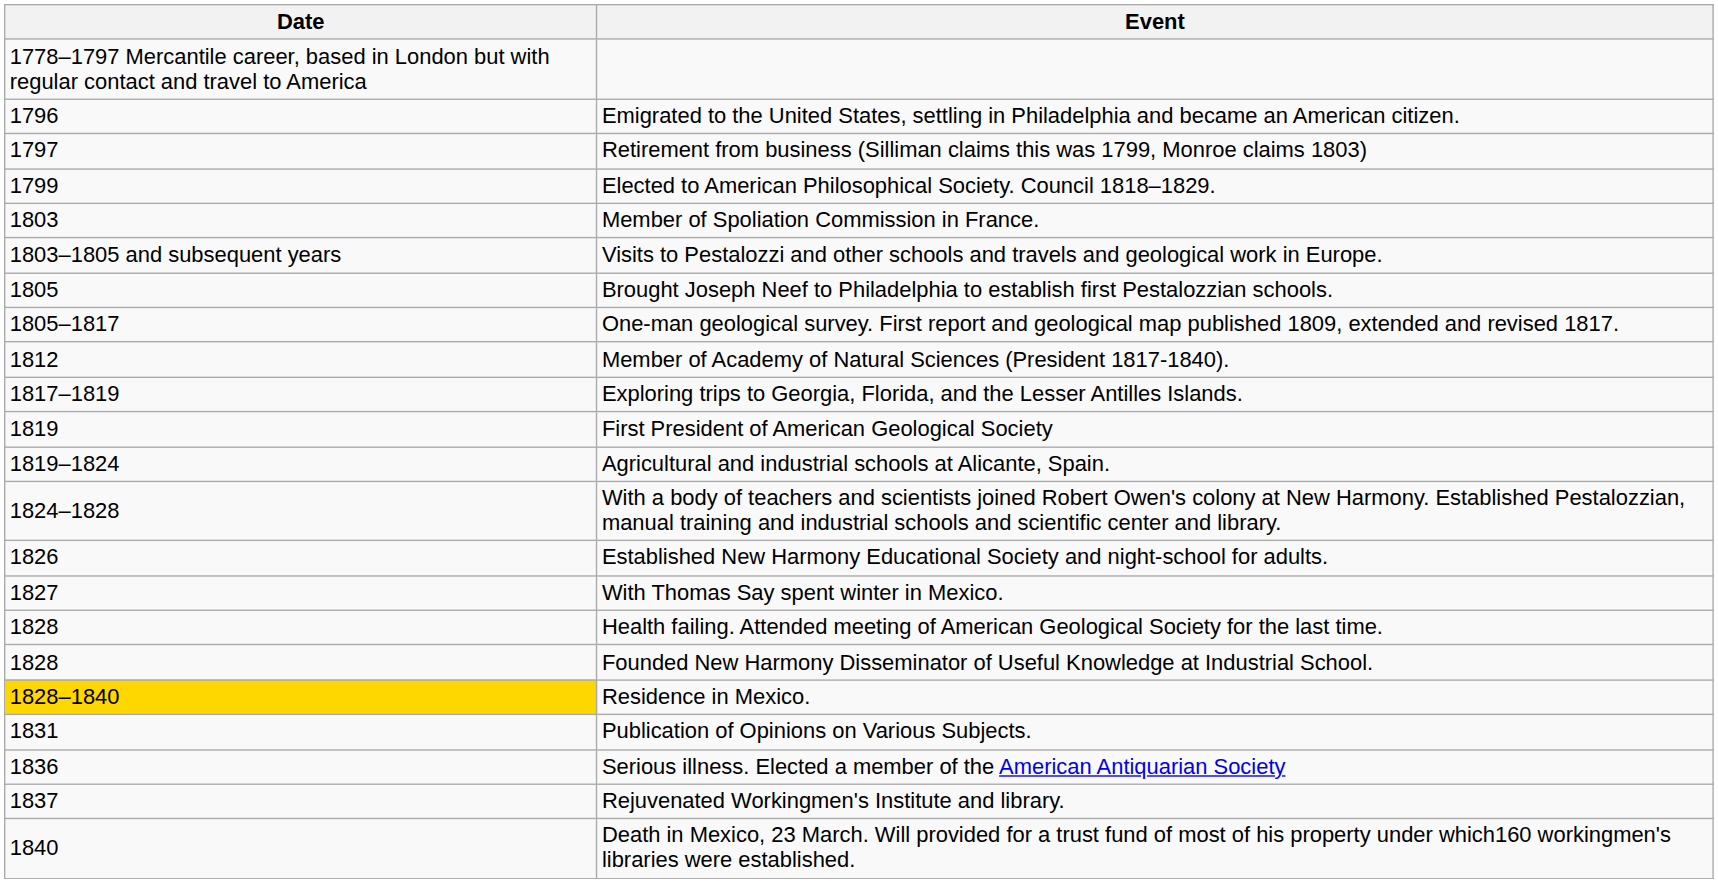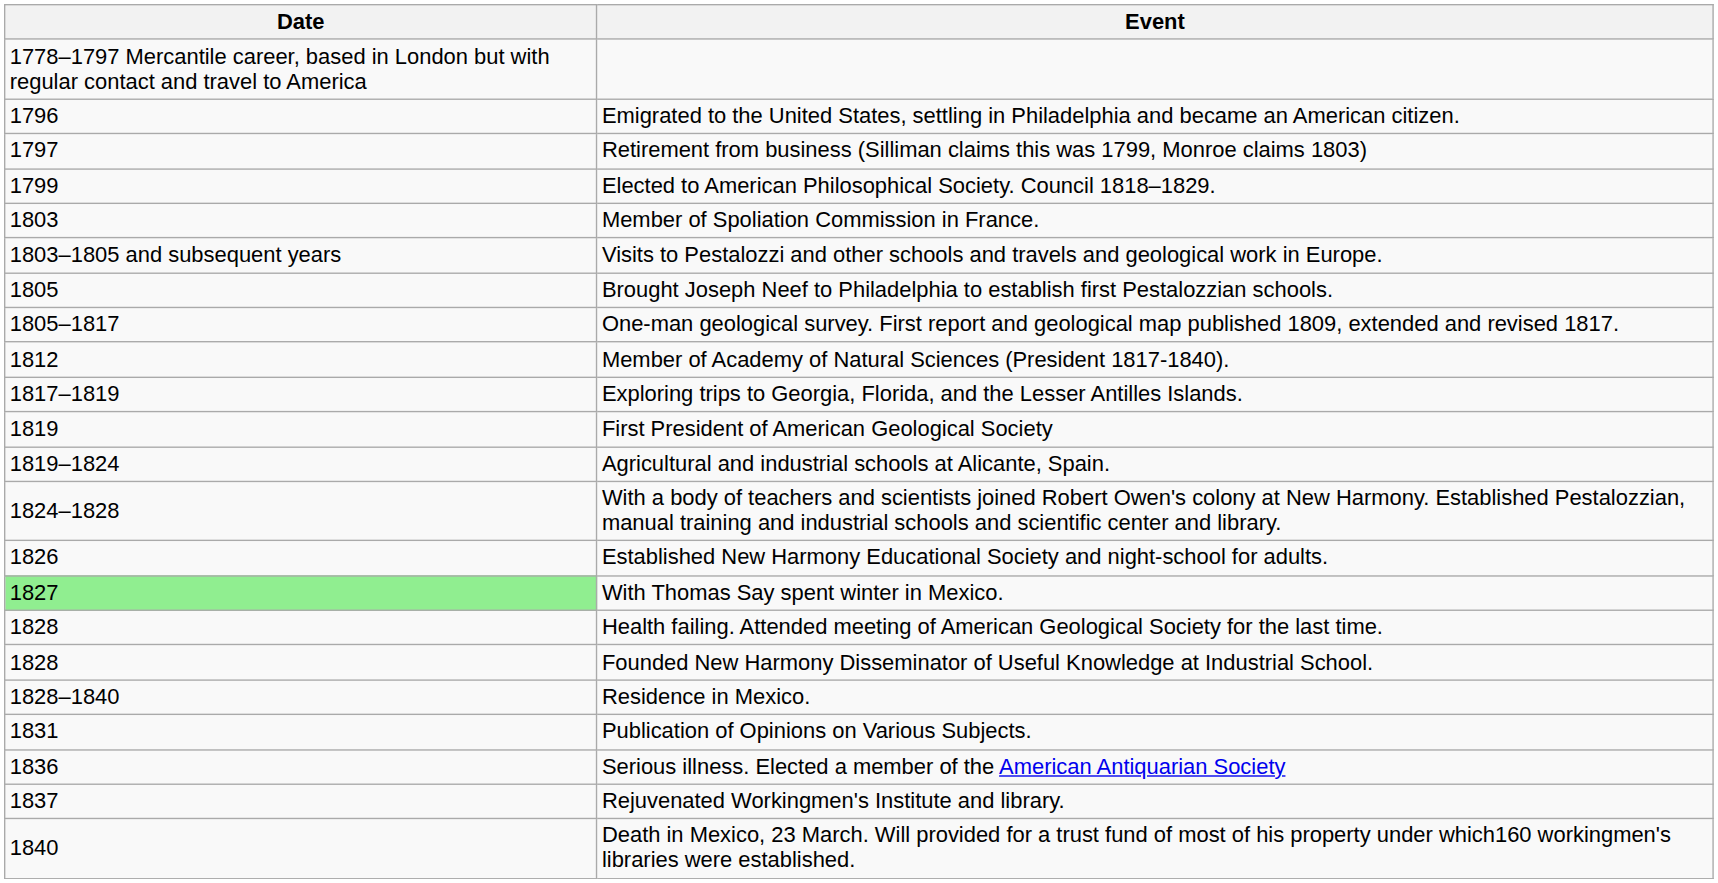 <table class="wikitable">
 <tr>
 <th>Date</th>
 <th>Event</th>
 </tr>
 <tr>
 <td>1778–1797 Mercantile career, based in London but with regular contact and travel to America</td>
 </tr>
 <tr>
 <td>1796</td>
 <td>Emigrated to the United States, settling in Philadelphia and became an American citizen.</td>
 </tr>
 <tr>
 <td>1797</td>
 <td>Retirement from business (Silliman claims this was 1799, Monroe claims 1803)</td>
 </tr>
 <tr>
 <td>1799</td>
 <td>Elected to American Philosophical Society.  Council 1818–1829.</td>
 </tr>
 <tr>
 <td>1803</td>
 <td>Member of Spoliation Commission in France.</td>
 </tr>
 <tr>
 <td>1803–1805 and subsequent years</td>
 <td>Visits to Pestalozzi and other schools and travels and geological work in Europe.</td>
 </tr>
 <tr>
 <td>1805</td>
 <td>Brought Joseph Neef to Philadelphia to establish first Pestalozzian schools.</td>
 </tr>
 <tr>
 <td>1805–1817</td>
 <td>One-man geological survey. First report and geological map published 1809, extended and revised 1817.</td>
 </tr>
 <tr>
 <td>1812</td>
 <td>Member of Academy of Natural Sciences (President 1817-1840).</td>
 </tr>
 <tr>
 <td>1817–1819</td>
 <td>Exploring trips to Georgia, Florida, and the Lesser Antilles Islands.</td>
 </tr>
 <tr>
 <td>1819</td>
 <td>First President of American Geological Society</td>
 </tr>
 <tr>
 <td>1819–1824</td>
 <td>Agricultural and industrial schools at Alicante, Spain.</td>
 </tr>
 <tr>
 <td>1824–1828</td>
 <td>With a body of teachers and scientists joined Robert Owen's colony at New Harmony.  Established Pestalozzian, manual training and industrial schools and scientific center and library.</td>
 </tr>
 <tr>
 <td>1826</td>
 <td>Established New Harmony Educational Society and night-school for adults.</td>
 </tr>
 <tr>
-<td>1827</td>
+<td style="background: lightgreen;">1827</td>
 <td>With Thomas Say spent winter in Mexico.</td>
 </tr>
 <tr>
 <td>1828</td>
 <td>Health failing. Attended meeting of American Geological Society for the last time.</td>
 </tr>
 <tr>
 <td>1828</td>
 <td>Founded New Harmony Disseminator of Useful Knowledge at Industrial School.</td>
 </tr>
 <tr>
-<td style="background: gold;">1828–1840</td>
+<td>1828–1840</td>
 <td>Residence in Mexico.</td>
 </tr>
 <tr>
 <td>1831</td>
 <td>Publication of Opinions on Various Subjects.</td>
 </tr>
 <tr>
 <td>1836</td>
 <td>Serious illness. Elected a member of the <a href='#'>American Antiquarian Society</a></td>
 </tr>
 <tr>
 <td>1837</td>
 <td>Rejuvenated Workingmen's Institute and library.</td>
 </tr>
 <tr>
 <td>1840</td>
 <td>Death in Mexico, 23 March. Will provided for a trust fund of most of his property under which160 workingmen's libraries were established.</td>
 </tr>
 </table>
